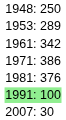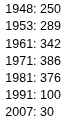 <table>
 <tr>
 <td>1948: 250</td>
 </tr>
 <tr>
 <td>1953: 289</td>
 </tr>
 <tr>
 <td>1961: 342</td>
 </tr>
 <tr>
 <td>1971: 386</td>
 </tr>
 <tr>
 <td>1981: 376</td>
 </tr>
 <tr>
-<td style="background: lightgreen;">1991: 100</td>
+<td>1991: 100</td>
 </tr>
 <tr>
 <td>2007: 30</td>
 </tr>
 </table>
